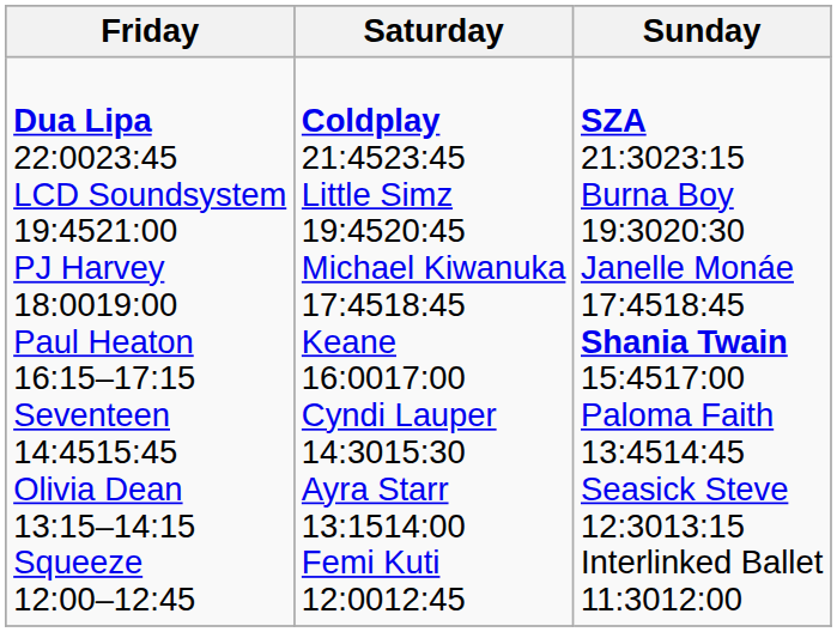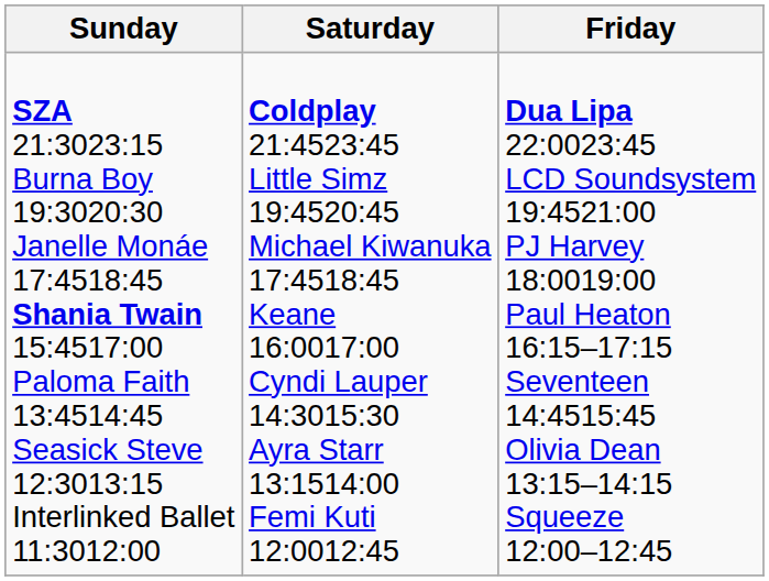 <table class="wikitable">
 <tr>
+<th>Sunday</th>
+<th>Saturday</th>
 <th>Friday</th>
-<th>Saturday</th>
-<th>Sunday</th>
 </tr>
 <tr valign="top">
+<td><br><strong><a href='#'>SZA</a></strong><br>21:3023:15<br> <a href='#'>Burna Boy</a><br>19:3020:30<br> <a href='#'>Janelle Monáe</a><br>17:4518:45<br> <strong><a href='#'>Shania Twain</a></strong><br>15:4517:00<br> <a href='#'>Paloma Faith</a><br>13:4514:45<br> <a href='#'>Seasick Steve</a><br>12:3013:15<br> Interlinked Ballet<br>11:3012:00</td>
+<td><br><strong><a href='#'>Coldplay</a></strong><br>21:4523:45<br> <a href='#'>Little Simz</a><br>19:4520:45<br> <a href='#'>Michael Kiwanuka</a><br>17:4518:45<br> <a href='#'>Keane</a><br>16:0017:00<br> <a href='#'>Cyndi Lauper</a><br>14:3015:30<br> <a href='#'>Ayra Starr</a><br>13:1514:00<br> <a href='#'>Femi Kuti</a><br>12:0012:45</td>
 <td><br><strong><a href='#'>Dua Lipa</a></strong><br>22:0023:45<br> <a href='#'>LCD Soundsystem</a><br>19:4521:00<br> <a href='#'>PJ Harvey</a><br>18:0019:00<br> <a href='#'>Paul Heaton</a><br>16:15–17:15<br> <a href='#'>Seventeen</a><br>14:4515:45<br> <a href='#'>Olivia Dean</a><br>13:15–14:15<br> <a href='#'>Squeeze</a><br>12:00–12:45</td>
-<td><br><strong><a href='#'>Coldplay</a></strong><br>21:4523:45<br> <a href='#'>Little Simz</a><br>19:4520:45<br> <a href='#'>Michael Kiwanuka</a><br>17:4518:45<br> <a href='#'>Keane</a><br>16:0017:00<br> <a href='#'>Cyndi Lauper</a><br>14:3015:30<br> <a href='#'>Ayra Starr</a><br>13:1514:00<br> <a href='#'>Femi Kuti</a><br>12:0012:45</td>
-<td><br><strong><a href='#'>SZA</a></strong><br>21:3023:15<br> <a href='#'>Burna Boy</a><br>19:3020:30<br> <a href='#'>Janelle Monáe</a><br>17:4518:45<br> <strong><a href='#'>Shania Twain</a></strong><br>15:4517:00<br> <a href='#'>Paloma Faith</a><br>13:4514:45<br> <a href='#'>Seasick Steve</a><br>12:3013:15<br> Interlinked Ballet<br>11:3012:00</td>
 </tr>
 </table>
